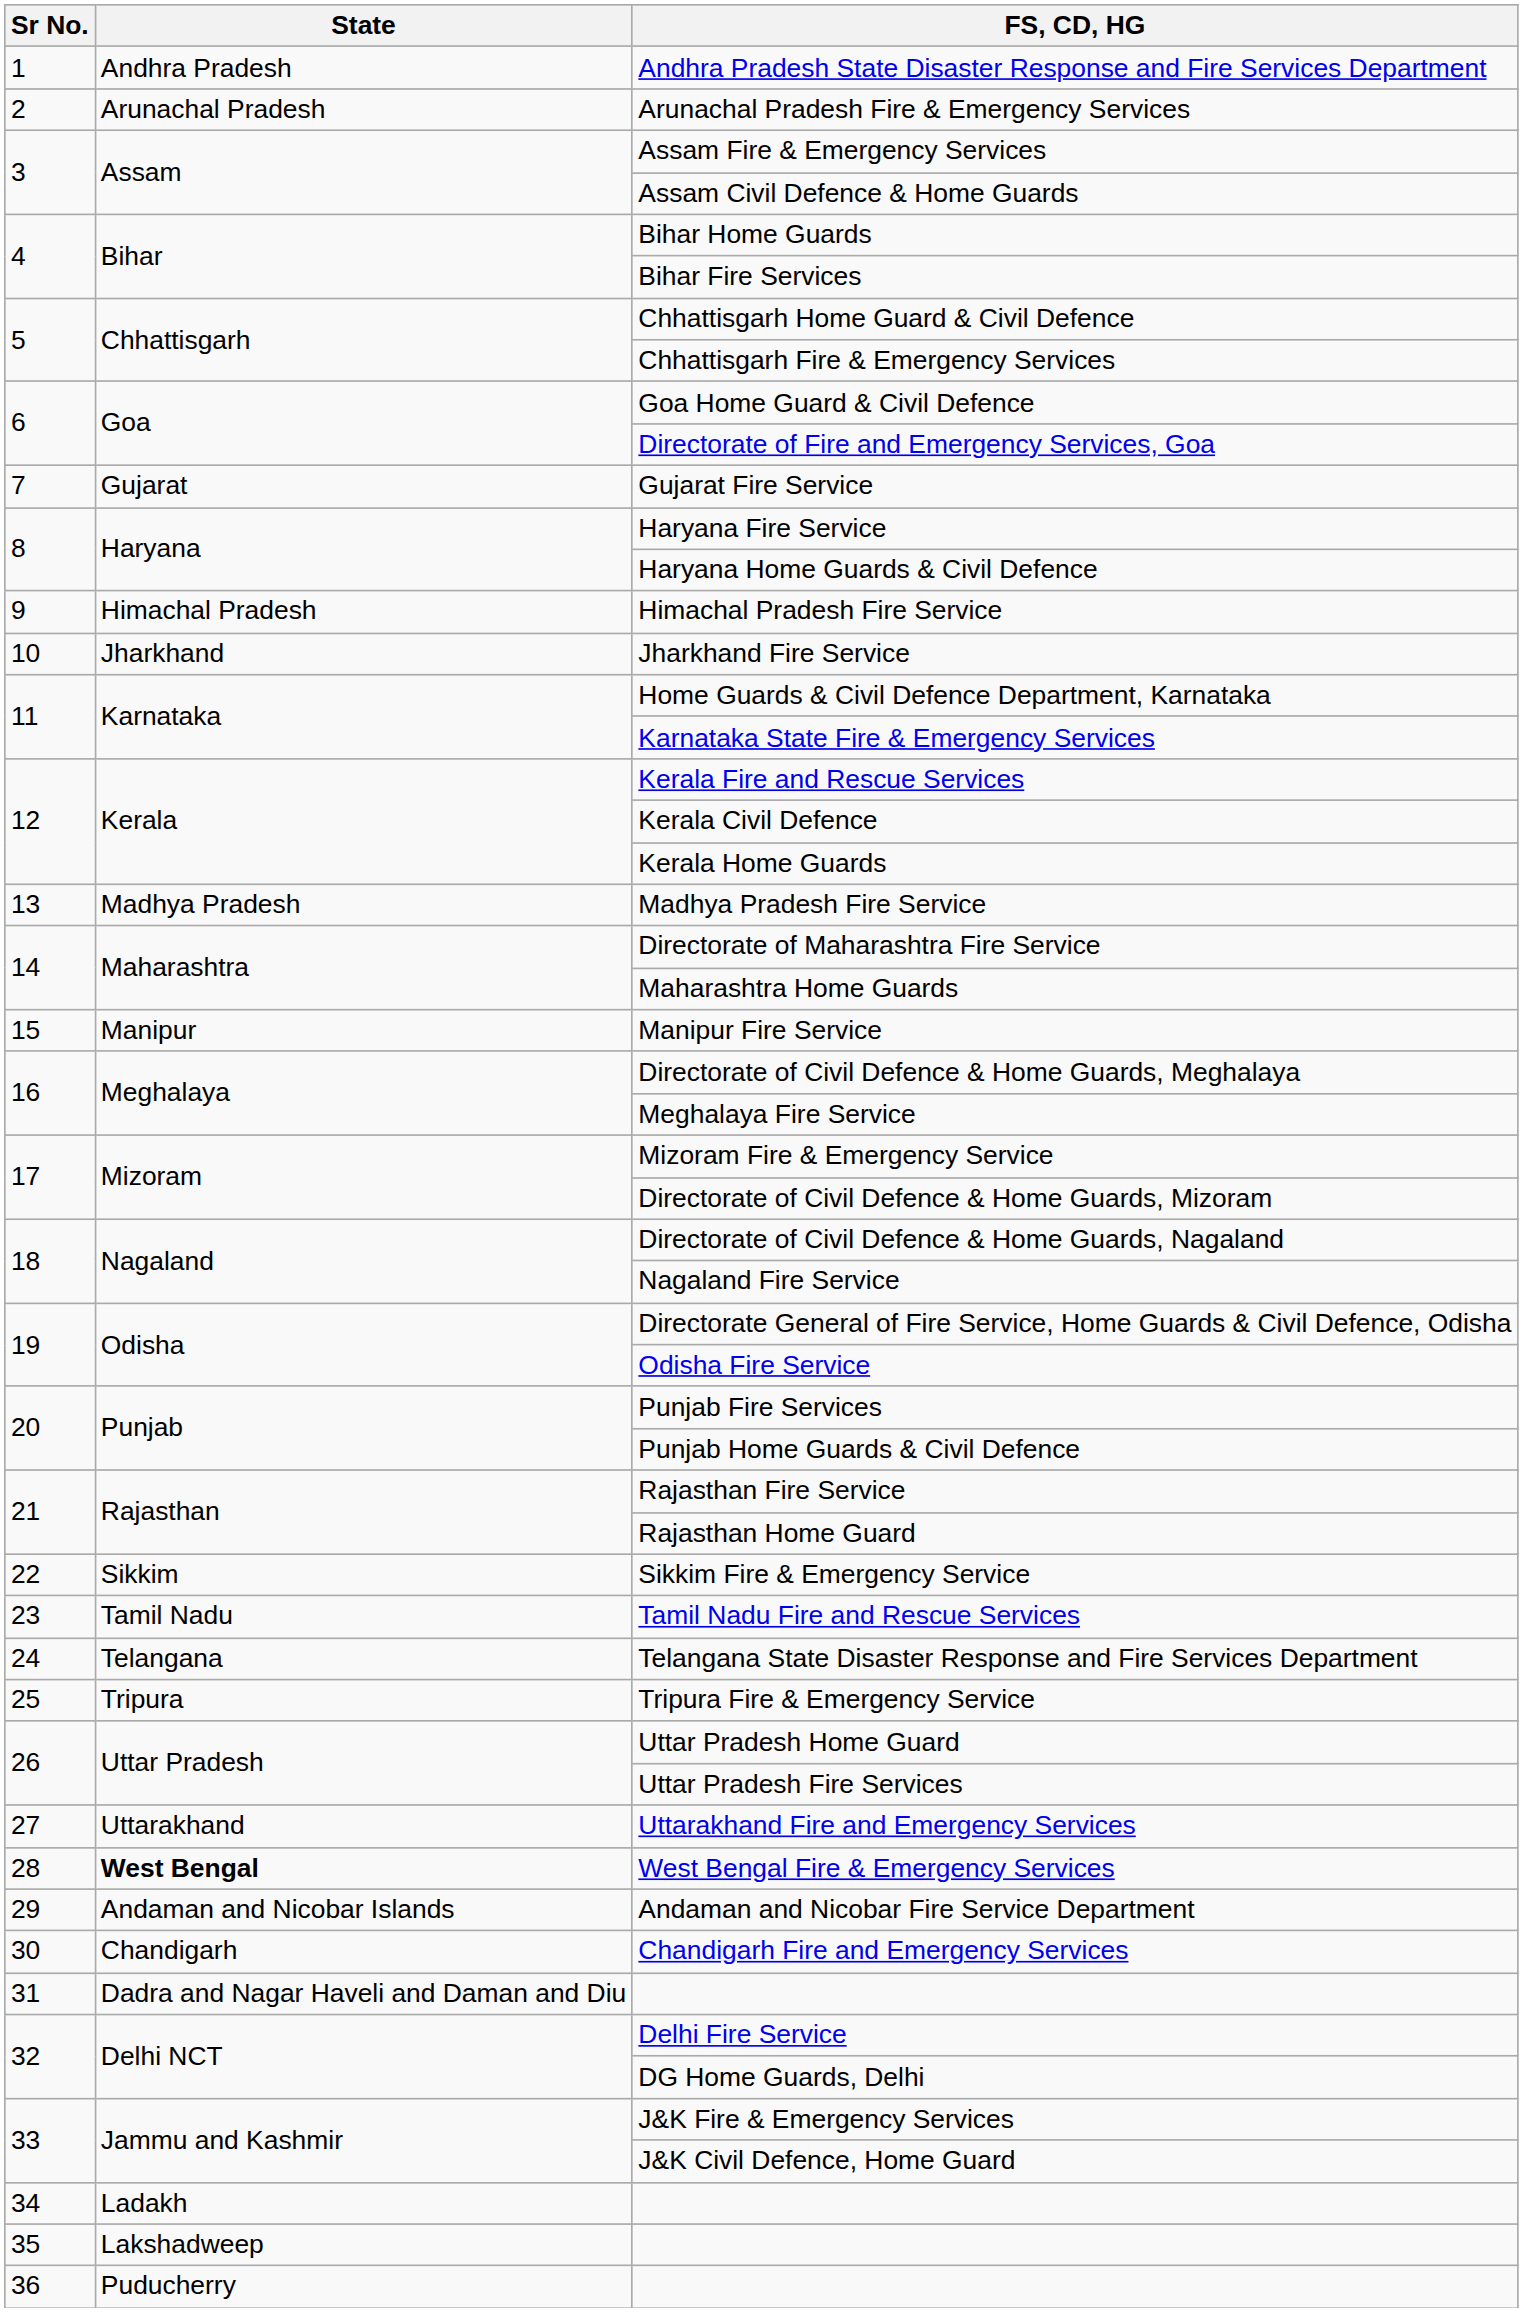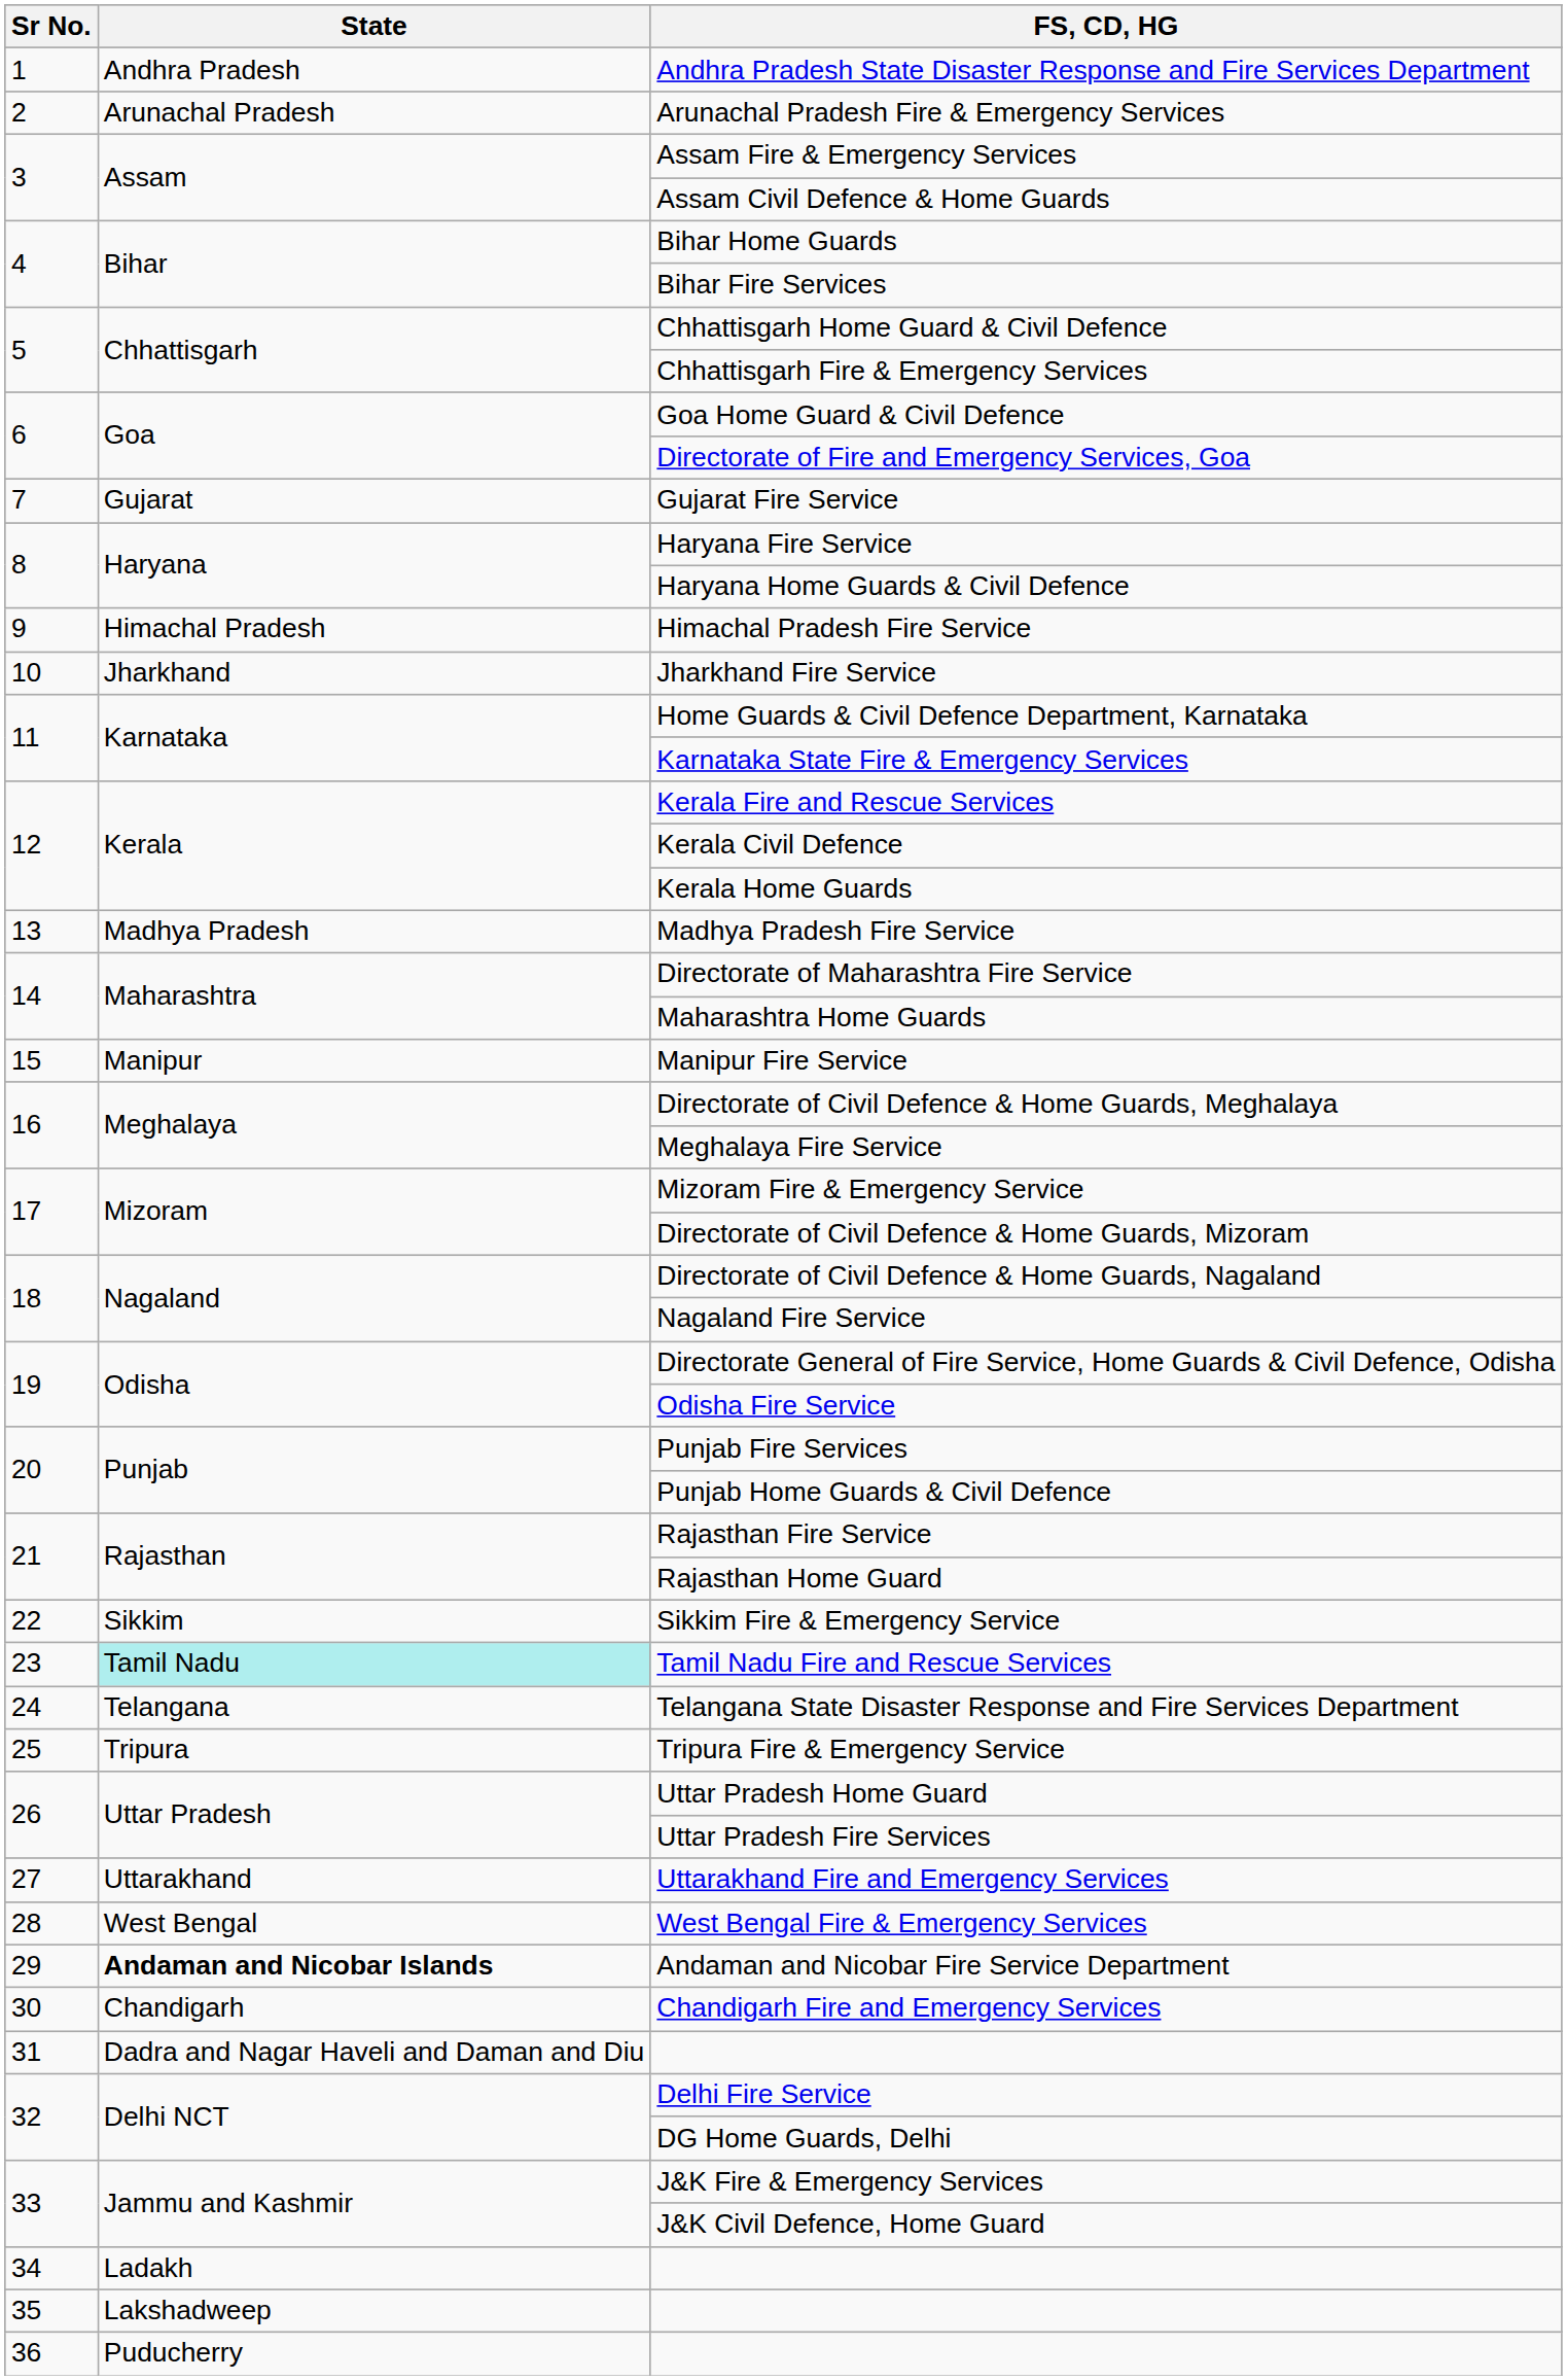 <table class="wikitable">
 <tr>
 <th>Sr No.</th>
 <th>State</th>
 <th>FS, CD, HG</th>
 </tr>
 <tr>
 <td>1</td>
 <td>Andhra Pradesh</td>
 <td><a href='#'>Andhra Pradesh State Disaster Response and Fire Services Department</a></td>
 </tr>
 <tr>
 <td rowspan='1'>2</td>
 <td rowspan='1'>Arunachal Pradesh</td>
 <td>Arunachal Pradesh Fire & Emergency Services</td>
 </tr>
 <tr>
 <td rowspan='2'>3</td>
 <td rowspan='2'>Assam</td>
 <td>Assam Fire & Emergency Services</td>
 </tr>
 <tr>
 <td>Assam Civil Defence & Home Guards</td>
 </tr>
 <tr>
 <td rowspan='2'>4</td>
 <td rowspan='2'>Bihar</td>
 <td>Bihar Home Guards</td>
 </tr>
 <tr>
 <td>Bihar Fire Services</td>
 </tr>
 <tr>
 <td rowspan='2'>5</td>
 <td rowspan='2'>Chhattisgarh</td>
 <td>Chhattisgarh Home Guard & Civil Defence</td>
 </tr>
 <tr>
 <td>Chhattisgarh Fire & Emergency Services</td>
 </tr>
 <tr>
 <td rowspan='2'>6</td>
 <td rowspan='2'>Goa</td>
 <td>Goa Home Guard & Civil Defence</td>
 </tr>
 <tr>
 <td><a href='#'>Directorate of Fire and Emergency Services, Goa</a></td>
 </tr>
 <tr>
 <td>7</td>
 <td>Gujarat</td>
 <td>Gujarat Fire Service</td>
 </tr>
 <tr>
 <td rowspan='2'>8</td>
 <td rowspan='2'>Haryana</td>
 <td>Haryana Fire Service</td>
 </tr>
 <tr>
 <td>Haryana Home Guards & Civil Defence</td>
 </tr>
 <tr>
 <td>9</td>
 <td>Himachal Pradesh</td>
 <td>Himachal Pradesh Fire Service</td>
 </tr>
 <tr>
 <td>10</td>
 <td>Jharkhand</td>
 <td>Jharkhand Fire Service</td>
 </tr>
 <tr>
 <td rowspan='2'>11</td>
 <td rowspan='2'>Karnataka</td>
 <td>Home Guards & Civil Defence Department, Karnataka</td>
 </tr>
 <tr>
 <td><a href='#'>Karnataka State Fire & Emergency Services</a></td>
 </tr>
 <tr>
 <td rowspan="3">12</td>
 <td rowspan="3">Kerala</td>
 <td><a href='#'>Kerala Fire and Rescue Services</a></td>
 </tr>
 <tr>
 <td>Kerala Civil Defence</td>
 </tr>
 <tr>
 <td>Kerala Home Guards</td>
 </tr>
 <tr>
 <td>13</td>
 <td>Madhya Pradesh</td>
 <td>Madhya Pradesh Fire Service</td>
 </tr>
 <tr>
 <td rowspan='2'>14</td>
 <td rowspan='2'>Maharashtra</td>
 <td>Directorate of Maharashtra Fire Service</td>
 </tr>
 <tr>
 <td>Maharashtra Home Guards</td>
 </tr>
 <tr>
 <td>15</td>
 <td>Manipur</td>
 <td>Manipur Fire Service</td>
 </tr>
 <tr>
 <td rowspan='2'>16</td>
 <td rowspan='2'>Meghalaya</td>
 <td>Directorate of Civil Defence & Home Guards, Meghalaya</td>
 </tr>
 <tr>
 <td>Meghalaya Fire Service</td>
 </tr>
 <tr>
 <td rowspan='2'>17</td>
 <td rowspan='2'>Mizoram</td>
 <td>Mizoram Fire & Emergency Service</td>
 </tr>
 <tr>
 <td>Directorate of Civil Defence & Home Guards, Mizoram</td>
 </tr>
 <tr>
 <td rowspan='2'>18</td>
 <td rowspan='2'>Nagaland</td>
 <td>Directorate of Civil Defence & Home Guards, Nagaland</td>
 </tr>
 <tr>
 <td>Nagaland Fire Service</td>
 </tr>
 <tr>
 <td rowspan='2'>19</td>
 <td rowspan='2'>Odisha</td>
 <td>Directorate General of Fire Service, Home Guards & Civil Defence, Odisha</td>
 </tr>
 <tr>
 <td><a href='#'>Odisha Fire Service</a></td>
 </tr>
 <tr>
 <td rowspan='2'>20</td>
 <td rowspan='2'>Punjab</td>
 <td>Punjab Fire Services</td>
 </tr>
 <tr>
 <td>Punjab Home Guards & Civil Defence</td>
 </tr>
 <tr>
 <td rowspan='2'>21</td>
 <td rowspan='2'>Rajasthan</td>
 <td>Rajasthan Fire Service</td>
 </tr>
 <tr>
 <td>Rajasthan Home Guard</td>
 </tr>
 <tr>
 <td rowspan='1'>22</td>
 <td rowspan='1'>Sikkim</td>
 <td>Sikkim Fire & Emergency Service</td>
 </tr>
 <tr>
 <td rowspan='1'>23</td>
-<td rowspan='1'>Tamil Nadu</td>
+<td rowspan='1' style="background: paleturquoise;">Tamil Nadu</td>
 <td><a href='#'>Tamil Nadu Fire and Rescue Services</a></td>
 </tr>
 <tr>
 <td>24</td>
 <td>Telangana</td>
 <td>Telangana State Disaster Response and Fire Services Department</td>
 </tr>
 <tr>
 <td rowspan='1'>25</td>
 <td rowspan='1'>Tripura</td>
 <td>Tripura Fire & Emergency Service</td>
 </tr>
 <tr>
 <td rowspan='2'>26</td>
 <td rowspan='2'>Uttar Pradesh</td>
 <td>Uttar Pradesh Home Guard</td>
 </tr>
 <tr>
 <td>Uttar Pradesh Fire Services</td>
 </tr>
 <tr>
 <td rowspan='1'>27</td>
 <td rowspan='1'>Uttarakhand</td>
 <td><a href='#'>Uttarakhand Fire and Emergency Services</a></td>
 </tr>
 <tr>
 <td rowspan='1'>28</td>
-<td rowspan='1'><strong>West Bengal</strong></td>
+<td rowspan='1'>West Bengal</td>
 <td><a href='#'>West Bengal Fire & Emergency Services</a></td>
 </tr>
 <tr>
 <td rowspan='1'>29</td>
-<td rowspan='1'>Andaman and Nicobar Islands</td>
+<td rowspan='1'><strong>Andaman and Nicobar Islands</strong></td>
 <td>Andaman and Nicobar Fire Service Department</td>
 </tr>
 <tr>
 <td>30</td>
 <td>Chandigarh</td>
 <td><a href='#'>Chandigarh Fire and Emergency Services</a></td>
 </tr>
 <tr>
 <td>31</td>
 <td>Dadra and Nagar Haveli and Daman and Diu</td>
 <td></td>
 </tr>
 <tr>
 <td rowspan='2'>32</td>
 <td rowspan='2'>Delhi NCT</td>
 <td><a href='#'>Delhi Fire Service</a></td>
 </tr>
 <tr>
 <td>DG Home Guards, Delhi</td>
 </tr>
 <tr>
 <td rowspan='2'>33</td>
 <td rowspan='2'>Jammu and Kashmir</td>
 <td>J&K Fire & Emergency Services</td>
 </tr>
 <tr>
 <td>J&K Civil Defence, Home Guard</td>
 </tr>
 <tr>
 <td>34</td>
 <td>Ladakh</td>
 <td></td>
 </tr>
 <tr>
 <td>35</td>
 <td>Lakshadweep</td>
 <td></td>
 </tr>
 <tr>
 <td>36</td>
 <td>Puducherry</td>
 <td></td>
 </tr>
 </table>
